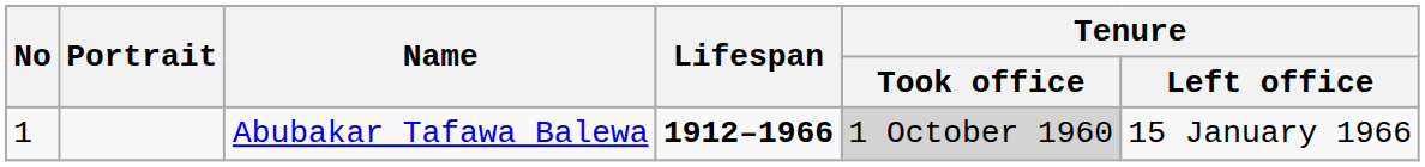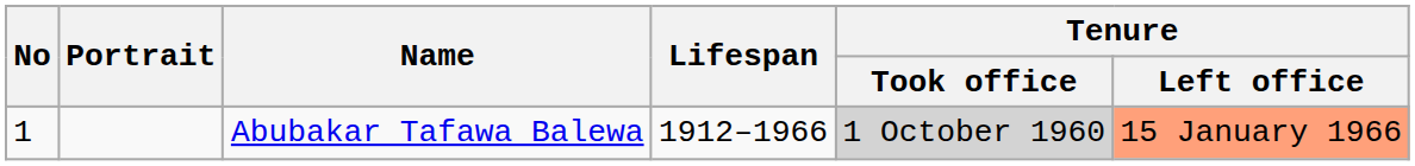 <table class="wikitable">
 <tr>
 <th scope="col" rowspan="2">No</th>
 <th scope="col" rowspan="2">Portrait</th>
 <th scope="col" rowspan="2">Name</th>
 <th scope="col" rowspan="2">Lifespan</th>
 <th scope="col" colspan="2">Tenure</th>
 </tr>
 <tr>
 <th scope="col">Took office</th>
 <th scope="col">Left office</th>
 </tr>
 <tr>
 <td>1</td>
 <td></td>
 <td><a href='#'>Abubakar Tafawa Balewa</a></td>
-<td><strong>1912–1966</strong></td>
+<td>1912–1966</td>
 <td style="background: lightgrey;">1 October 1960</td>
-<td>15 January 1966</td>
+<td style="background: lightsalmon;">15 January 1966</td>
 </tr>
 </table>
